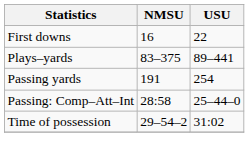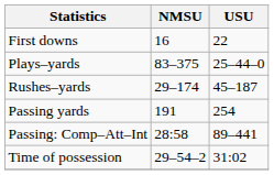 <table class="wikitable">
 <tr>
 <th>Statistics</th>
 <th>NMSU</th>
 <th>USU</th>
 </tr>
 <tr>
 <td>First downs</td>
 <td>16</td>
 <td>22</td>
 </tr>
 <tr>
 <td>Plays–yards</td>
 <td>83–375</td>
-<td>89–441</td>
+<td>25–44–0</td>
+</tr>
+<tr>
+<td>Rushes–yards</td>
+<td>29–174</td>
+<td>45–187</td>
 </tr>
 <tr>
 <td>Passing yards</td>
 <td>191</td>
 <td>254</td>
 </tr>
 <tr>
 <td>Passing: Comp–Att–Int</td>
 <td>28:58</td>
-<td>25–44–0</td>
+<td>89–441</td>
 </tr>
 <tr>
 <td>Time of possession</td>
 <td>29–54–2</td>
 <td>31:02</td>
 </tr>
 <tr>
 </tr>
 </table>
